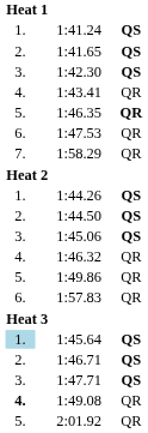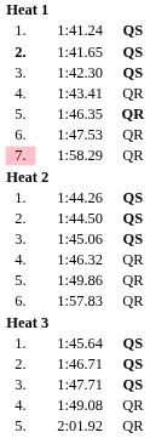 <table style="text-align:center">
 <tr>
 <td colspan=4 align=left><strong>Heat 1</strong></td>
 </tr>
 <tr>
 <td width=30>1.</td>
 <td align=left></td>
 <td width=80>1:41.24</td>
 <td><strong>QS</strong></td>
 </tr>
 <tr>
-<td>2.</td>
+<td><strong>2.</strong></td>
 <td align=left></td>
 <td>1:41.65</td>
 <td><strong>QS</strong></td>
 </tr>
 <tr>
 <td>3.</td>
 <td align=left></td>
 <td>1:42.30</td>
 <td><strong>QS</strong></td>
 </tr>
 <tr>
 <td>4.</td>
 <td align=left></td>
 <td>1:43.41</td>
 <td>QR</td>
 </tr>
 <tr>
 <td>5.</td>
 <td align=left></td>
 <td>1:46.35</td>
 <td><strong>QR</strong></td>
 </tr>
 <tr>
 <td>6.</td>
 <td align=left></td>
 <td>1:47.53</td>
 <td>QR</td>
 </tr>
 <tr>
-<td>7.</td>
+<td style="background: pink;">7.</td>
 <td align=left></td>
 <td>1:58.29</td>
 <td>QR</td>
 </tr>
 <tr>
 <td colspan=4 align=left><strong>Heat 2</strong></td>
 </tr>
 <tr>
 <td>1.</td>
 <td align=left></td>
 <td>1:44.26</td>
 <td><strong>QS</strong></td>
 </tr>
 <tr>
 <td>2.</td>
 <td align=left></td>
 <td>1:44.50</td>
 <td><strong>QS</strong></td>
 </tr>
 <tr>
 <td>3.</td>
 <td align=left></td>
 <td>1:45.06</td>
 <td><strong>QS</strong></td>
 </tr>
 <tr>
 <td>4.</td>
 <td align=left></td>
 <td>1:46.32</td>
 <td>QR</td>
 </tr>
 <tr>
 <td>5.</td>
 <td align=left></td>
 <td>1:49.86</td>
 <td>QR</td>
 </tr>
 <tr>
 <td>6.</td>
 <td align=left></td>
 <td>1:57.83</td>
 <td>QR</td>
 </tr>
 <tr>
 <td colspan=4 align=left><strong>Heat 3</strong></td>
 </tr>
 <tr>
-<td style="background: lightblue;">1.</td>
+<td>1.</td>
 <td align=left></td>
 <td>1:45.64</td>
 <td><strong>QS</strong></td>
 </tr>
 <tr>
 <td>2.</td>
 <td align=left></td>
 <td>1:46.71</td>
 <td><strong>QS</strong></td>
 </tr>
 <tr>
 <td>3.</td>
 <td align=left></td>
 <td>1:47.71</td>
 <td><strong>QS</strong></td>
 </tr>
 <tr>
-<td><strong>4.</strong></td>
+<td>4.</td>
 <td align=left></td>
 <td>1:49.08</td>
 <td>QR</td>
 </tr>
 <tr>
 <td>5.</td>
 <td align=left></td>
 <td>2:01.92</td>
 <td>QR</td>
 </tr>
 </table>
